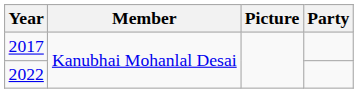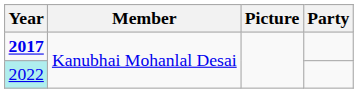 <table class="wikitable sortable">
 <tr>
 <th>Year</th>
 <th>Member</th>
 <th>Picture</th>
 <th colspan="2">Party</th>
 </tr>
 <tr>
-<td><a href='#'>2017</a></td>
+<td><strong><a href='#'>2017</a></strong></td>
 <td rowspan="2"><a href='#'>Kanubhai Mohanlal Desai</a></td>
 <td rowspan="2"></td>
 <td></td>
 </tr>
 <tr>
-<td><a href='#'>2022</a></td>
+<td style="background: paleturquoise;"><a href='#'>2022</a></td>
 </tr>
 </table>
